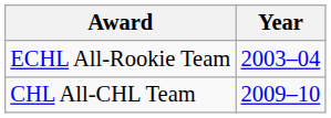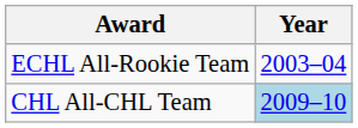 <table class="wikitable">
 <tr>
 <th>Award</th>
 <th>Year</th>
 </tr>
 <tr>
 <td><a href='#'>ECHL</a> All-Rookie Team</td>
 <td><a href='#'>2003–04</a></td>
 </tr>
 <tr>
 <td><a href='#'>CHL</a> All-CHL Team</td>
-<td><a href='#'>2009–10</a></td>
+<td style="background: lightblue;"><a href='#'>2009–10</a></td>
 </tr>
 </table>
